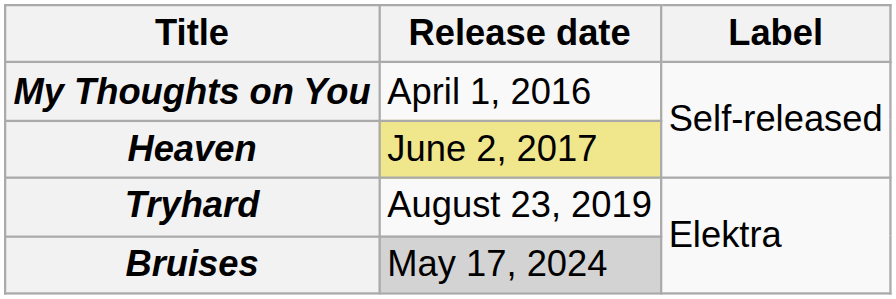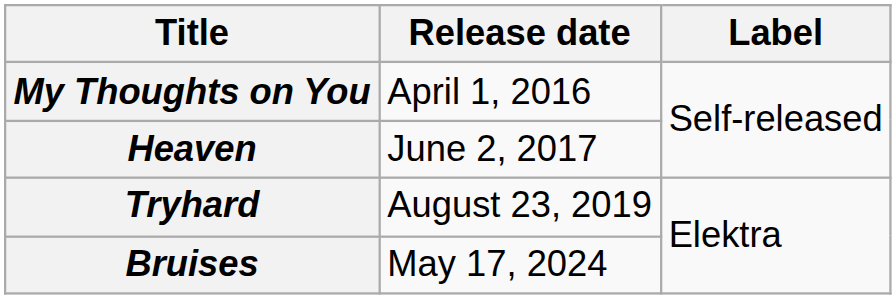 <table class="wikitable plainrowheaders">
 <tr>
 <th>Title</th>
 <th>Release date</th>
 <th>Label</th>
 </tr>
 <tr>
 <th scope="row"><em>My Thoughts on You</em></th>
 <td>April 1, 2016</td>
 <td rowspan="2">Self-released</td>
 </tr>
 <tr>
 <th scope="row"><em>Heaven</em></th>
-<td style="background: khaki;">June 2, 2017</td>
+<td>June 2, 2017</td>
 </tr>
 <tr>
 <th scope="row"><em>Tryhard</em></th>
 <td>August 23, 2019</td>
 <td rowspan="2">Elektra</td>
 </tr>
 <tr>
 <th scope="row"><em>Bruises</em></th>
-<td style="background: lightgrey;">May 17, 2024</td>
+<td>May 17, 2024</td>
 </tr>
 </table>
